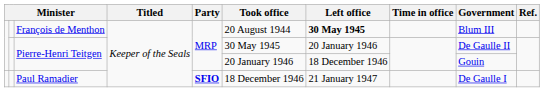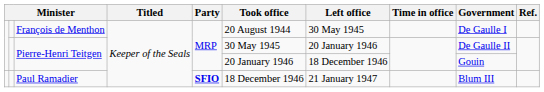 <table class="wikitable">
 <tr>
 <th colspan="3">Minister</th>
 <th>Titled</th>
 <th>Party</th>
 <th>Took office</th>
 <th>Left office</th>
 <th>Time in office</th>
 <th>Government</th>
 <th>Ref.</th>
 </tr>
 <tr>
 <td rowspan="3" style="background:"></td>
 <td></td>
 <td><a href='#'>François de Menthon</a></td>
 <td rowspan="4"><em>Keeper of the Seals</em></td>
 <td rowspan="3"><a href='#'>MRP</a></td>
 <td>20 August 1944</td>
-<td><strong>30 May 1945</strong></td>
+<td>30 May 1945</td>
 <td></td>
-<td><a href='#'>Blum III</a></td>
+<td><a href='#'>De Gaulle I</a></td>
 <td></td>
 </tr>
 <tr>
 <td rowspan="2"></td>
 <td rowspan="2"><a href='#'>Pierre-Henri Teitgen</a></td>
 <td>30 May 1945</td>
 <td>20 January 1946</td>
 <td rowspan="2"></td>
 <td><a href='#'>De Gaulle II</a></td>
 <td rowspan="2"></td>
 </tr>
 <tr>
 <td>20 January 1946</td>
 <td>18 December 1946</td>
 <td><a href='#'>Gouin</a></td>
 </tr>
 <tr>
 <td style="background:"></td>
 <td></td>
 <td><a href='#'>Paul Ramadier</a></td>
 <td><strong><a href='#'>SFIO</a></strong></td>
 <td>18 December 1946</td>
 <td>21 January 1947</td>
 <td></td>
-<td><a href='#'>De Gaulle I</a></td>
+<td><a href='#'>Blum III</a></td>
 <td></td>
 </tr>
 </table>
